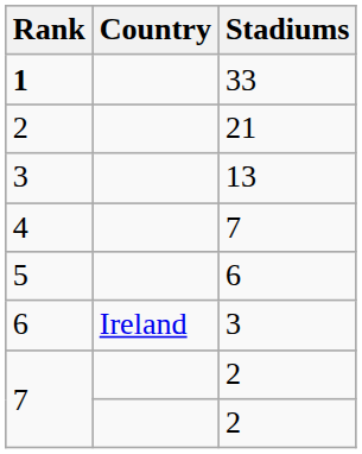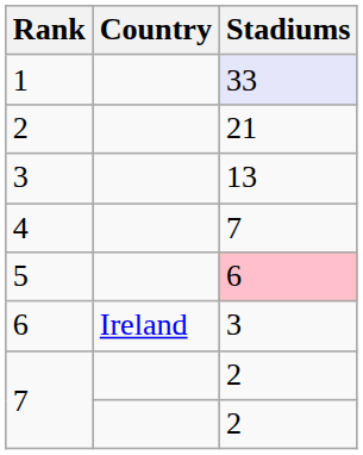 <table class="wikitable">
 <tr>
 <th>Rank</th>
 <th>Country</th>
 <th>Stadiums</th>
 </tr>
 <tr>
-<td><strong>1</strong></td>
+<td>1</td>
 <td></td>
-<td>33</td>
+<td style="background: lavender;">33</td>
 </tr>
 <tr>
 <td>2</td>
 <td></td>
 <td>21</td>
 </tr>
 <tr>
 <td>3</td>
 <td></td>
 <td>13</td>
 </tr>
 <tr>
 <td>4</td>
 <td></td>
 <td>7</td>
 </tr>
 <tr>
 <td>5</td>
 <td></td>
-<td>6</td>
+<td style="background: pink;">6</td>
 </tr>
 <tr>
 <td>6</td>
 <td> <a href='#'>Ireland</a></td>
 <td>3</td>
 </tr>
 <tr>
 <td rowspan=2>7</td>
 <td></td>
 <td>2</td>
 </tr>
 <tr>
 <td></td>
 <td>2</td>
 </tr>
 </table>
